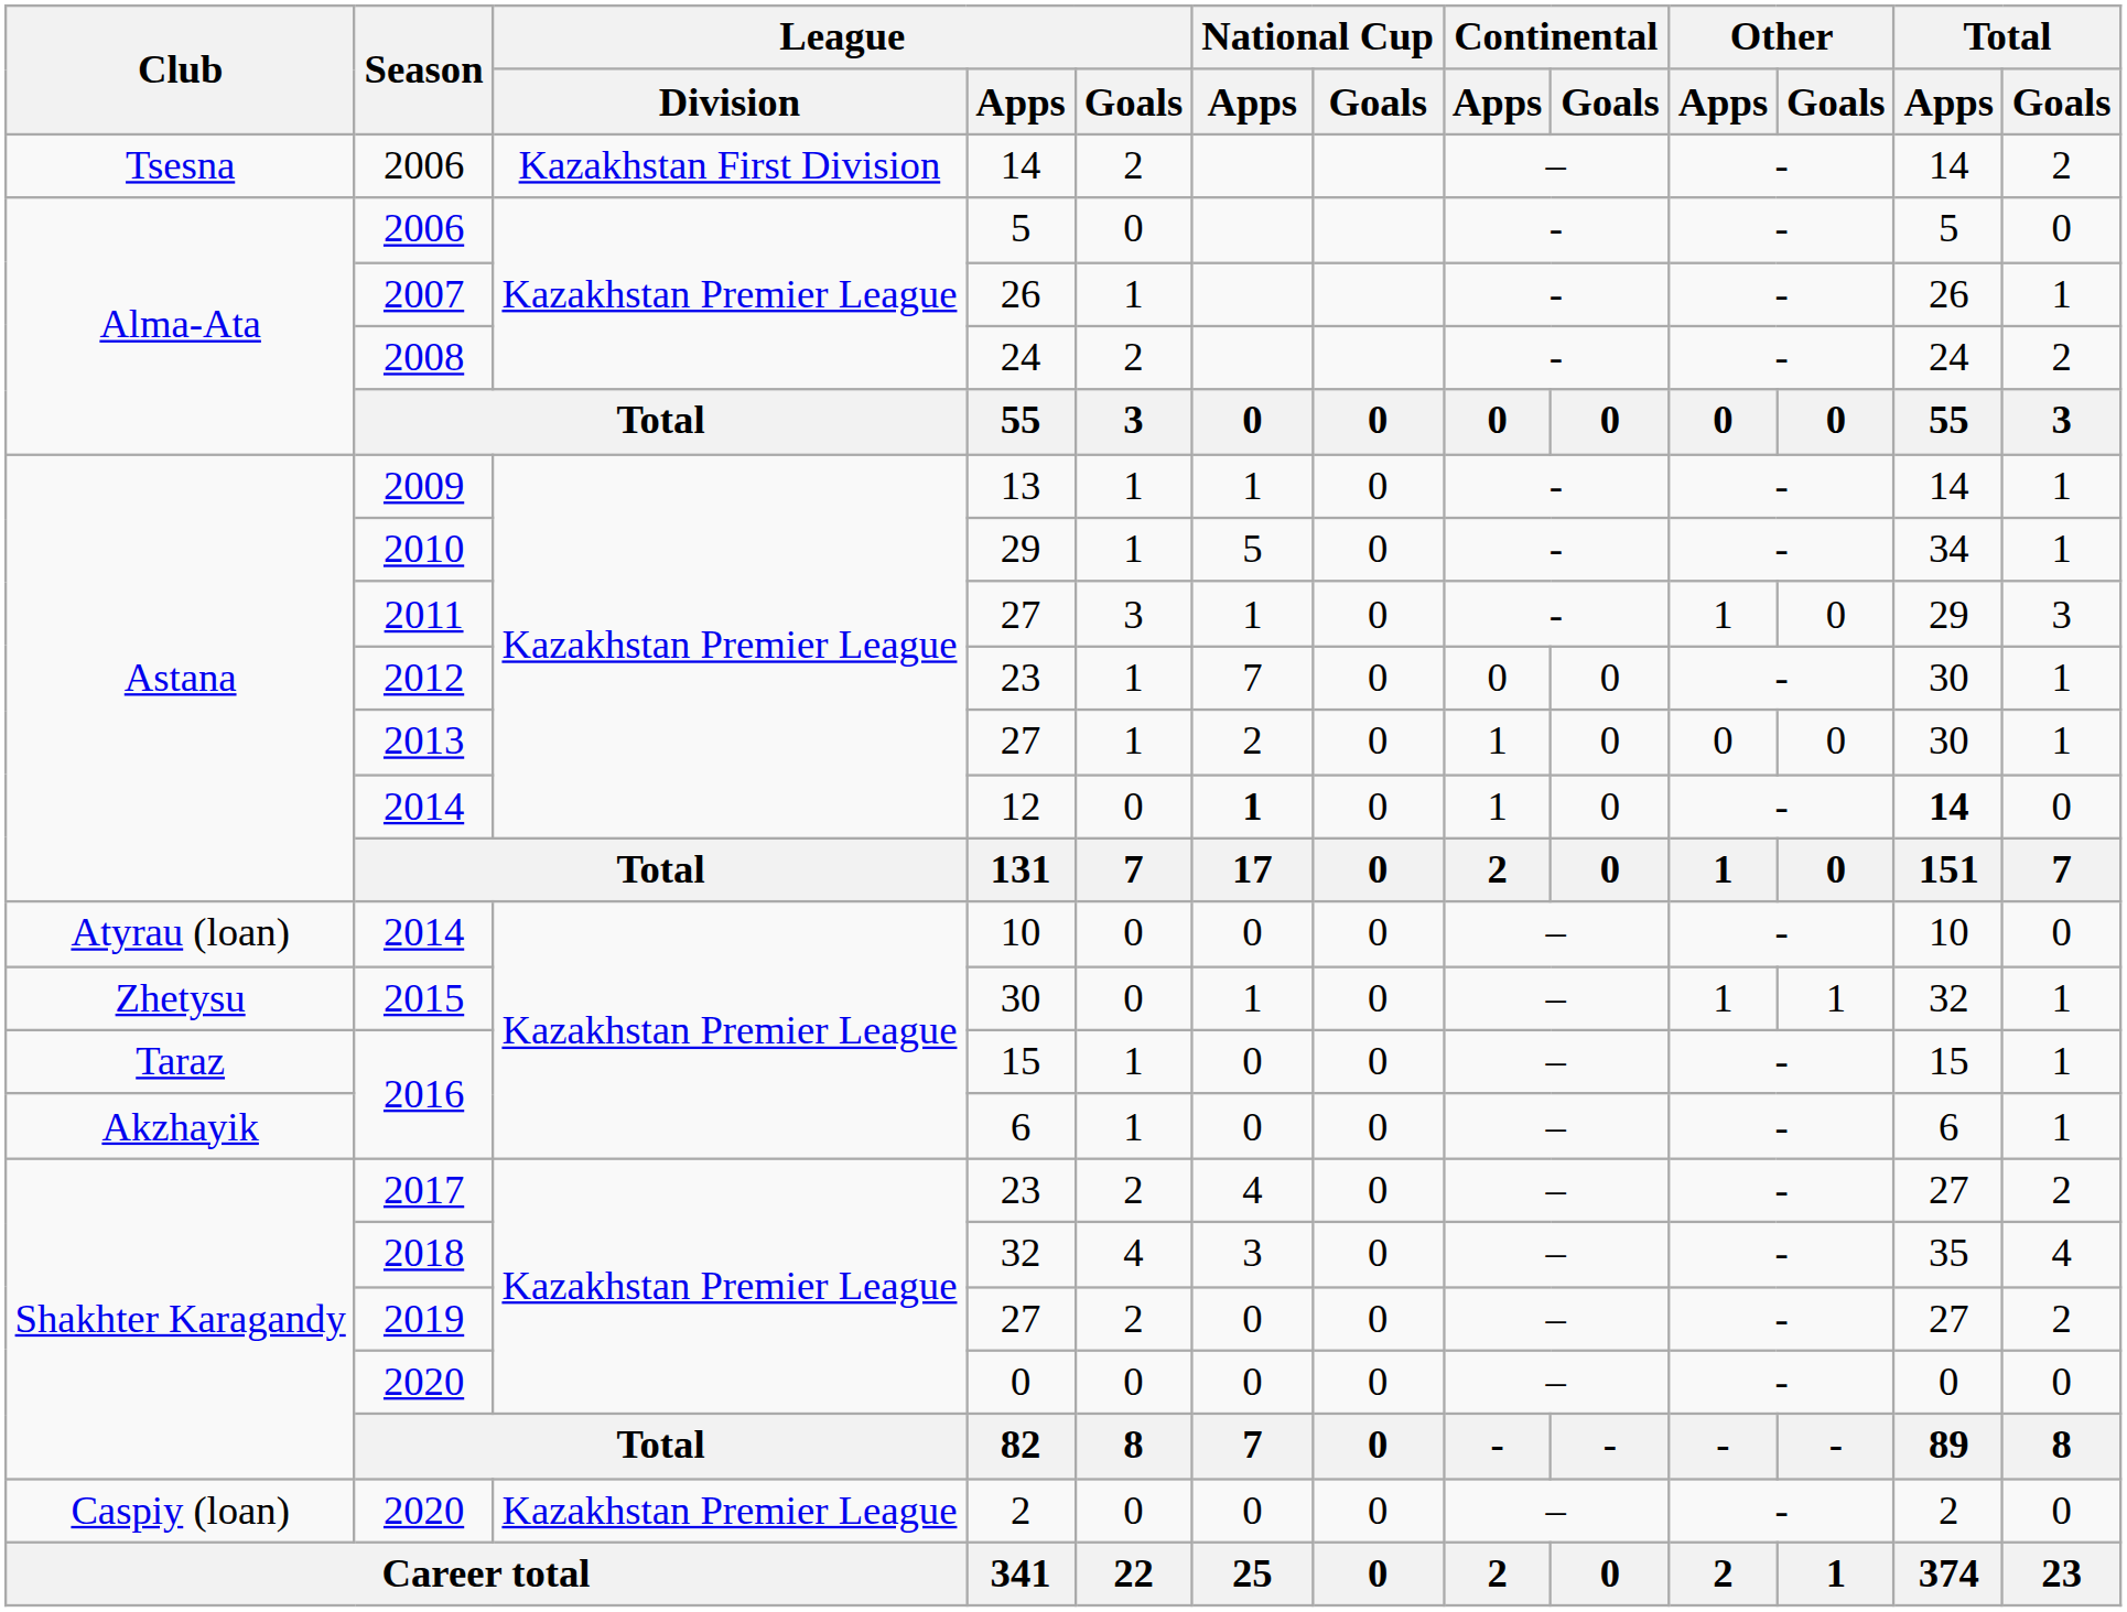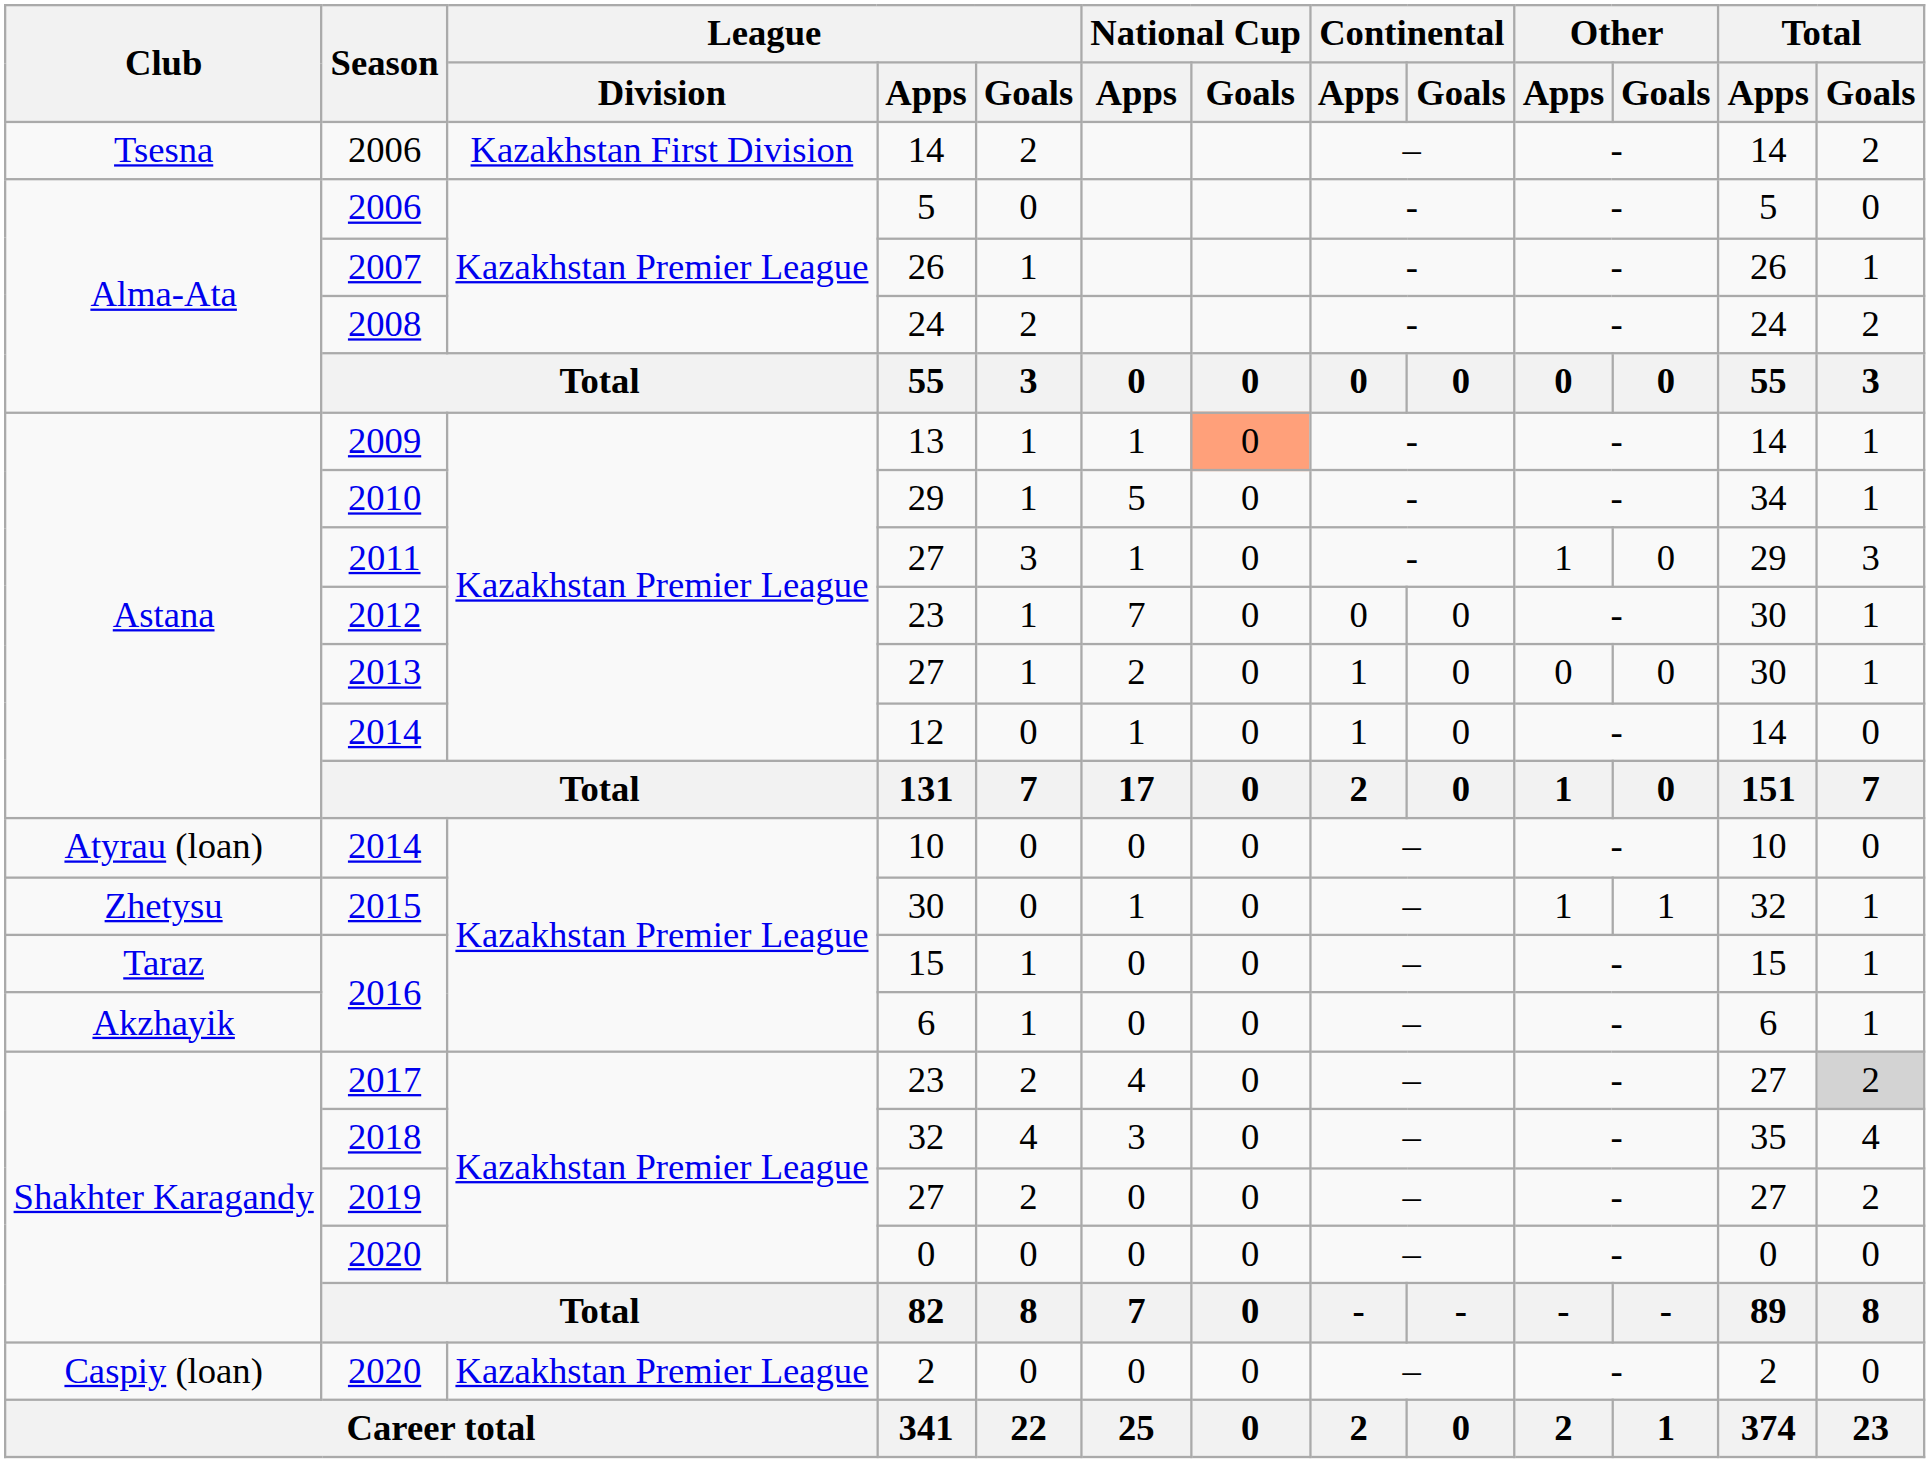 <table class="wikitable" style="text-align: center;">
 <tr>
 <th rowspan="2">Club</th>
 <th rowspan="2">Season</th>
 <th colspan="3">League</th>
 <th colspan="2">National Cup</th>
 <th colspan="2">Continental</th>
 <th colspan="2">Other</th>
 <th colspan="2">Total</th>
 </tr>
 <tr>
 <th>Division</th>
 <th>Apps</th>
 <th>Goals</th>
 <th>Apps</th>
 <th>Goals</th>
 <th>Apps</th>
 <th>Goals</th>
 <th>Apps</th>
 <th>Goals</th>
 <th>Apps</th>
 <th>Goals</th>
 </tr>
 <tr>
 <td valign="center"><a href='#'>Tsesna</a></td>
 <td>2006</td>
 <td><a href='#'>Kazakhstan First Division</a></td>
 <td>14</td>
 <td>2</td>
 <td></td>
 <td></td>
 <td colspan="2">–</td>
 <td colspan="2">-</td>
 <td>14</td>
 <td>2</td>
 </tr>
 <tr>
 <td rowspan="4" valign="center"><a href='#'>Alma-Ata</a></td>
 <td><a href='#'>2006</a></td>
 <td rowspan="3" valign="center"><a href='#'>Kazakhstan Premier League</a></td>
 <td>5</td>
 <td>0</td>
 <td></td>
 <td></td>
 <td colspan="2">-</td>
 <td colspan="2">-</td>
 <td>5</td>
 <td>0</td>
 </tr>
 <tr>
 <td><a href='#'>2007</a></td>
 <td>26</td>
 <td>1</td>
 <td></td>
 <td></td>
 <td colspan="2">-</td>
 <td colspan="2">-</td>
 <td>26</td>
 <td>1</td>
 </tr>
 <tr>
 <td><a href='#'>2008</a></td>
 <td>24</td>
 <td>2</td>
 <td></td>
 <td></td>
 <td colspan="2">-</td>
 <td colspan="2">-</td>
 <td>24</td>
 <td>2</td>
 </tr>
 <tr>
 <th colspan="2">Total</th>
 <th>55</th>
 <th>3</th>
 <th>0</th>
 <th>0</th>
 <th>0</th>
 <th>0</th>
 <th>0</th>
 <th>0</th>
 <th>55</th>
 <th>3</th>
 </tr>
 <tr>
 <td rowspan="7" valign="center"><a href='#'>Astana</a></td>
 <td><a href='#'>2009</a></td>
 <td rowspan="6" valign="center"><a href='#'>Kazakhstan Premier League</a></td>
 <td>13</td>
 <td>1</td>
 <td>1</td>
-<td>0</td>
+<td style="background: lightsalmon;">0</td>
 <td colspan="2">-</td>
 <td colspan="2">-</td>
 <td>14</td>
 <td>1</td>
 </tr>
 <tr>
 <td><a href='#'>2010</a></td>
 <td>29</td>
 <td>1</td>
 <td>5</td>
 <td>0</td>
 <td colspan="2">-</td>
 <td colspan="2">-</td>
 <td>34</td>
 <td>1</td>
 </tr>
 <tr>
 <td><a href='#'>2011</a></td>
 <td>27</td>
 <td>3</td>
 <td>1</td>
 <td>0</td>
 <td colspan="2">-</td>
 <td>1</td>
 <td>0</td>
 <td>29</td>
 <td>3</td>
 </tr>
 <tr>
 <td><a href='#'>2012</a></td>
 <td>23</td>
 <td>1</td>
 <td>7</td>
 <td>0</td>
 <td>0</td>
 <td>0</td>
 <td colspan="2">-</td>
 <td>30</td>
 <td>1</td>
 </tr>
 <tr>
 <td><a href='#'>2013</a></td>
 <td>27</td>
 <td>1</td>
 <td>2</td>
 <td>0</td>
 <td>1</td>
 <td>0</td>
 <td>0</td>
 <td>0</td>
 <td>30</td>
 <td>1</td>
 </tr>
 <tr>
 <td><a href='#'>2014</a></td>
 <td>12</td>
 <td>0</td>
-<td><strong>1</strong></td>
+<td>1</td>
 <td>0</td>
 <td>1</td>
 <td>0</td>
 <td colspan="2">-</td>
-<td><strong>14</strong></td>
+<td>14</td>
 <td>0</td>
 </tr>
 <tr>
 <th colspan="2">Total</th>
 <th>131</th>
 <th>7</th>
 <th>17</th>
 <th>0</th>
 <th>2</th>
 <th>0</th>
 <th>1</th>
 <th>0</th>
 <th>151</th>
 <th>7</th>
 </tr>
 <tr>
 <td valign="center"><a href='#'>Atyrau</a> (loan)</td>
 <td><a href='#'>2014</a></td>
 <td rowspan="4" valign="center"><a href='#'>Kazakhstan Premier League</a></td>
 <td>10</td>
 <td>0</td>
 <td>0</td>
 <td>0</td>
 <td colspan="2">–</td>
 <td colspan="2">-</td>
 <td>10</td>
 <td>0</td>
 </tr>
 <tr>
 <td valign="center"><a href='#'>Zhetysu</a></td>
 <td><a href='#'>2015</a></td>
 <td>30</td>
 <td>0</td>
 <td>1</td>
 <td>0</td>
 <td colspan="2">–</td>
 <td>1</td>
 <td>1</td>
 <td>32</td>
 <td>1</td>
 </tr>
 <tr>
 <td valign="center"><a href='#'>Taraz</a></td>
 <td rowspan="2" valign="center"><a href='#'>2016</a></td>
 <td>15</td>
 <td>1</td>
 <td>0</td>
 <td>0</td>
 <td colspan="2">–</td>
 <td colspan="2">-</td>
 <td>15</td>
 <td>1</td>
 </tr>
 <tr>
 <td valign="center"><a href='#'>Akzhayik</a></td>
 <td>6</td>
 <td>1</td>
 <td>0</td>
 <td>0</td>
 <td colspan="2">–</td>
 <td colspan="2">-</td>
 <td>6</td>
 <td>1</td>
 </tr>
 <tr>
 <td rowspan="5" valign="center"><a href='#'>Shakhter Karagandy</a></td>
 <td><a href='#'>2017</a></td>
 <td rowspan="4" valign="center"><a href='#'>Kazakhstan Premier League</a></td>
 <td>23</td>
 <td>2</td>
 <td>4</td>
 <td>0</td>
 <td colspan="2">–</td>
 <td colspan="2">-</td>
 <td>27</td>
-<td>2</td>
+<td style="background: lightgrey;">2</td>
 </tr>
 <tr>
 <td><a href='#'>2018</a></td>
 <td>32</td>
 <td>4</td>
 <td>3</td>
 <td>0</td>
 <td colspan="2">–</td>
 <td colspan="2">-</td>
 <td>35</td>
 <td>4</td>
 </tr>
 <tr>
 <td><a href='#'>2019</a></td>
 <td>27</td>
 <td>2</td>
 <td>0</td>
 <td>0</td>
 <td colspan="2">–</td>
 <td colspan="2">-</td>
 <td>27</td>
 <td>2</td>
 </tr>
 <tr>
 <td><a href='#'>2020</a></td>
 <td>0</td>
 <td>0</td>
 <td>0</td>
 <td>0</td>
 <td colspan="2">–</td>
 <td colspan="2">-</td>
 <td>0</td>
 <td>0</td>
 </tr>
 <tr>
 <th colspan="2">Total</th>
 <th>82</th>
 <th>8</th>
 <th>7</th>
 <th>0</th>
 <th>-</th>
 <th>-</th>
 <th>-</th>
 <th>-</th>
 <th>89</th>
 <th>8</th>
 </tr>
 <tr>
 <td valign="center"><a href='#'>Caspiy</a> (loan)</td>
 <td><a href='#'>2020</a></td>
 <td valign="center"><a href='#'>Kazakhstan Premier League</a></td>
 <td>2</td>
 <td>0</td>
 <td>0</td>
 <td>0</td>
 <td colspan="2">–</td>
 <td colspan="2">-</td>
 <td>2</td>
 <td>0</td>
 </tr>
 <tr>
 <th colspan="3">Career total</th>
 <th>341</th>
 <th>22</th>
 <th>25</th>
 <th>0</th>
 <th>2</th>
 <th>0</th>
 <th>2</th>
 <th>1</th>
 <th>374</th>
 <th>23</th>
 </tr>
 </table>
